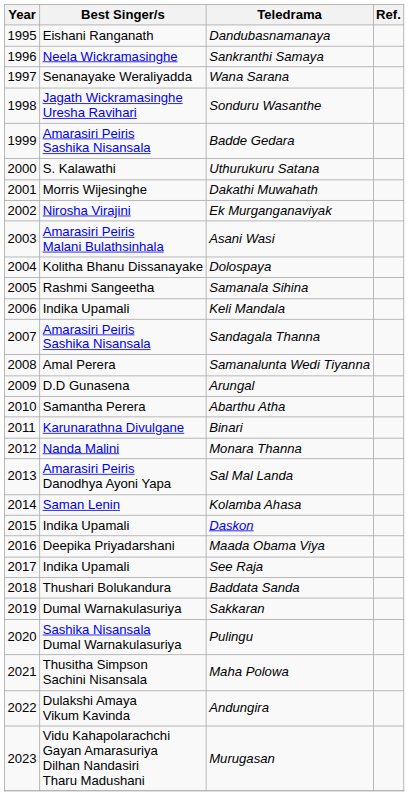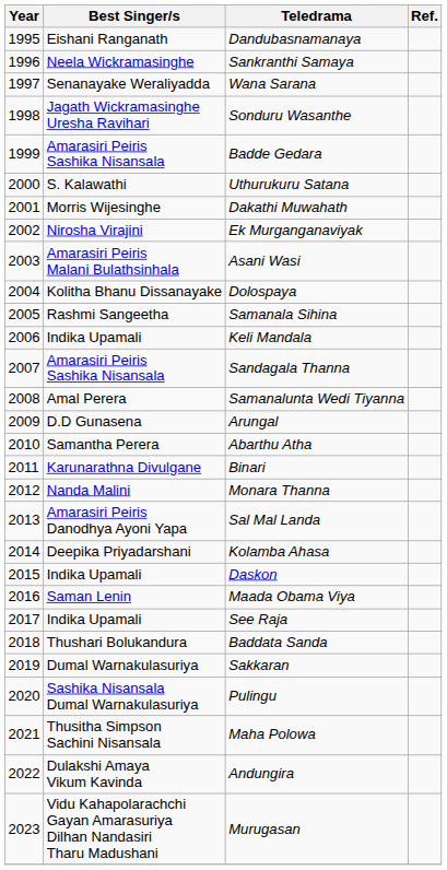 <table class="wikitable">
 <tr>
 <th>Year</th>
 <th>Best Singer/s</th>
 <th>Teledrama</th>
 <th>Ref.</th>
 </tr>
 <tr>
 <td>1995</td>
 <td>Eishani Ranganath</td>
 <td><em>Dandubasnamanaya</em></td>
 <td></td>
 </tr>
 <tr>
 <td>1996</td>
 <td><a href='#'>Neela Wickramasinghe</a></td>
 <td><em>Sankranthi Samaya</em></td>
 <td></td>
 </tr>
 <tr>
 <td>1997</td>
 <td>Senanayake Weraliyadda</td>
 <td><em>Wana Sarana</em></td>
 <td></td>
 </tr>
 <tr>
 <td>1998</td>
 <td><a href='#'>Jagath Wickramasinghe</a> <br> <a href='#'>Uresha Ravihari</a></td>
 <td><em>Sonduru Wasanthe</em></td>
 <td></td>
 </tr>
 <tr>
 <td>1999</td>
 <td><a href='#'>Amarasiri Peiris</a> <br> <a href='#'>Sashika Nisansala</a></td>
 <td><em>Badde Gedara</em></td>
 <td></td>
 </tr>
 <tr>
 <td>2000</td>
 <td>S. Kalawathi</td>
 <td><em>Uthurukuru Satana</em></td>
 <td></td>
 </tr>
 <tr>
 <td>2001</td>
 <td>Morris Wijesinghe</td>
 <td><em>Dakathi Muwahath</em></td>
 <td></td>
 </tr>
 <tr>
 <td>2002</td>
 <td><a href='#'>Nirosha Virajini</a></td>
 <td><em>Ek Murganganaviyak</em></td>
 <td></td>
 </tr>
 <tr>
 <td>2003</td>
 <td><a href='#'>Amarasiri Peiris</a> <br> <a href='#'>Malani Bulathsinhala</a></td>
 <td><em>Asani Wasi</em></td>
 <td></td>
 </tr>
 <tr>
 <td>2004</td>
 <td>Kolitha Bhanu Dissanayake</td>
 <td><em>Dolospaya</em></td>
 <td></td>
 </tr>
 <tr>
 <td>2005</td>
 <td>Rashmi Sangeetha</td>
 <td><em>Samanala Sihina</em></td>
 <td></td>
 </tr>
 <tr>
 <td>2006</td>
 <td>Indika Upamali</td>
 <td><em>Keli Mandala</em></td>
 <td></td>
 </tr>
 <tr>
 <td>2007</td>
 <td><a href='#'>Amarasiri Peiris</a> <br> <a href='#'>Sashika Nisansala</a></td>
 <td><em>Sandagala Thanna</em></td>
 <td></td>
 </tr>
 <tr>
 <td>2008</td>
 <td>Amal Perera</td>
 <td><em>Samanalunta Wedi Tiyanna</em></td>
 <td></td>
 </tr>
 <tr>
 <td>2009</td>
 <td>D.D Gunasena</td>
 <td><em>Arungal</em></td>
 <td></td>
 </tr>
 <tr>
 <td>2010</td>
 <td>Samantha Perera</td>
 <td><em>Abarthu Atha</em></td>
 <td></td>
 </tr>
 <tr>
 <td>2011</td>
 <td><a href='#'>Karunarathna Divulgane</a></td>
 <td><em>Binari</em></td>
 <td></td>
 </tr>
 <tr>
 <td>2012</td>
 <td><a href='#'>Nanda Malini</a></td>
 <td><em>Monara Thanna</em></td>
 <td></td>
 </tr>
 <tr>
 <td>2013</td>
 <td><a href='#'>Amarasiri Peiris</a> <br> Danodhya Ayoni Yapa</td>
 <td><em>Sal Mal Landa </em></td>
 <td></td>
 </tr>
 <tr>
 <td>2014</td>
-<td><a href='#'>Saman Lenin</a></td>
+<td>Deepika Priyadarshani</td>
 <td><em>Kolamba Ahasa</em></td>
 <td></td>
 </tr>
 <tr>
 <td>2015</td>
 <td>Indika Upamali</td>
 <td><em><a href='#'>Daskon</a></em></td>
 <td></td>
 </tr>
 <tr>
 <td>2016</td>
-<td>Deepika Priyadarshani</td>
+<td><a href='#'>Saman Lenin</a></td>
 <td><em>Maada Obama Viya</em></td>
 <td></td>
 </tr>
 <tr>
 <td>2017</td>
 <td>Indika Upamali</td>
 <td><em>See Raja</em></td>
 <td></td>
 </tr>
 <tr>
 <td>2018</td>
 <td>Thushari Bolukandura</td>
 <td><em>Baddata Sanda</em></td>
 <td></td>
 </tr>
 <tr>
 <td>2019</td>
 <td>Dumal Warnakulasuriya</td>
 <td><em>Sakkaran</em></td>
 <td></td>
 </tr>
 <tr>
 <td>2020</td>
 <td><a href='#'>Sashika Nisansala </a> <br>  Dumal Warnakulasuriya</td>
 <td><em>Pulingu  </em></td>
 <td></td>
 </tr>
 <tr>
 <td>2021</td>
 <td>Thusitha Simpson<br> Sachini Nisansala</td>
 <td><em>Maha Polowa</em></td>
 <td></td>
 </tr>
 <tr>
 <td>2022</td>
 <td>Dulakshi Amaya <br>Vikum Kavinda</td>
 <td><em>Andungira</em></td>
 <td></td>
 </tr>
 <tr>
 <td>2023</td>
 <td>Vidu Kahapolarachchi<br> Gayan Amarasuriya <br>Dilhan Nandasiri<br>Tharu Madushani</td>
 <td><em>Murugasan</em></td>
 <td></td>
 </tr>
 <tr>
 </tr>
 </table>
